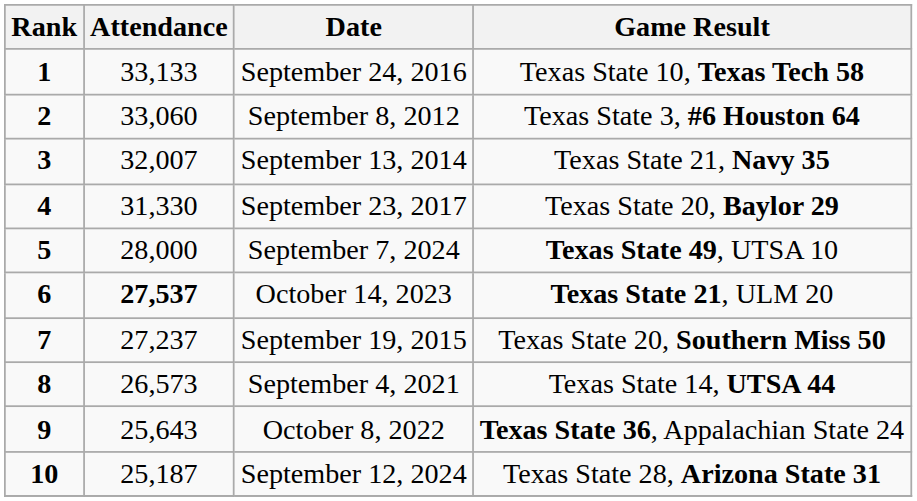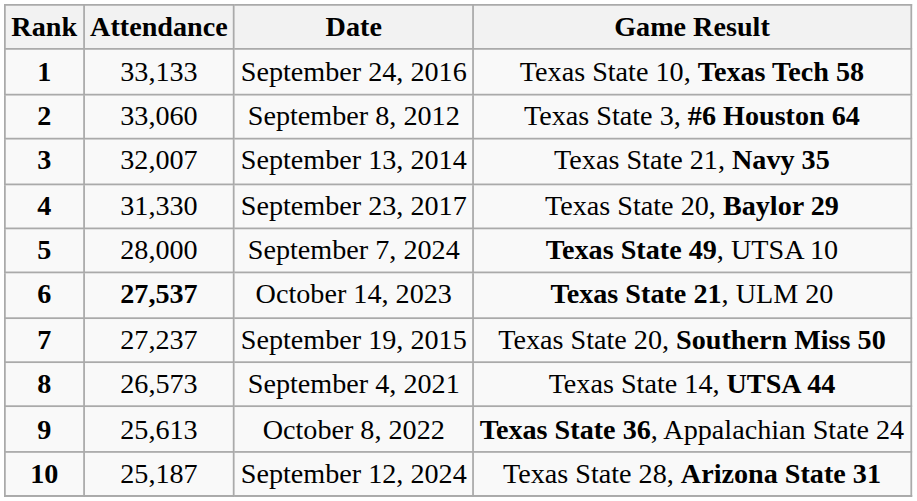 <table class="wikitable">
 <tr>
 <th>Rank</th>
 <th>Attendance</th>
 <th>Date</th>
 <th>Game Result</th>
 </tr>
 <tr align="center">
 <td><strong>1</strong></td>
 <td>33,133</td>
 <td>September 24, 2016</td>
 <td>Texas State 10, <strong>Texas Tech 58</strong></td>
 </tr>
 <tr align="center">
 <td><strong>2</strong></td>
 <td>33,060</td>
 <td>September 8, 2012</td>
 <td>Texas State 3, <strong>#6 Houston 64</strong></td>
 </tr>
 <tr align="center">
 <td><strong>3</strong></td>
 <td>32,007</td>
 <td>September 13, 2014</td>
 <td>Texas State 21, <strong>Navy 35</strong></td>
 </tr>
 <tr align="center">
 <td><strong>4</strong></td>
 <td>31,330</td>
 <td>September 23, 2017</td>
 <td>Texas State 20, <strong>Baylor 29</strong></td>
 </tr>
 <tr align="center">
 <td><strong>5</strong></td>
 <td>28,000</td>
 <td>September 7, 2024</td>
 <td><strong>Texas State 49</strong>, UTSA 10</td>
 </tr>
 <tr align="center">
 <td><strong>6</strong></td>
 <td><strong>27,537</strong></td>
 <td>October 14, 2023</td>
 <td><strong>Texas State 21</strong>, ULM 20</td>
 </tr>
 <tr align="center">
 <td><strong>7</strong></td>
 <td>27,237</td>
 <td>September 19, 2015</td>
 <td>Texas State 20, <strong>Southern Miss 50</strong></td>
 </tr>
 <tr align="center">
 <td><strong>8</strong></td>
 <td>26,573</td>
 <td>September 4, 2021</td>
 <td>Texas State 14, <strong>UTSA 44</strong></td>
 </tr>
 <tr align="center">
 <td><strong>9</strong></td>
-<td>25,643</td>
+<td>25,613</td>
 <td>October 8, 2022</td>
 <td><strong>Texas State 36</strong>, Appalachian State 24</td>
 </tr>
 <tr align="center">
 <td><strong>10</strong></td>
 <td>25,187</td>
 <td>September 12, 2024</td>
 <td>Texas State 28, <strong>Arizona State 31</strong></td>
 </tr>
 <tr>
 </tr>
 </table>
